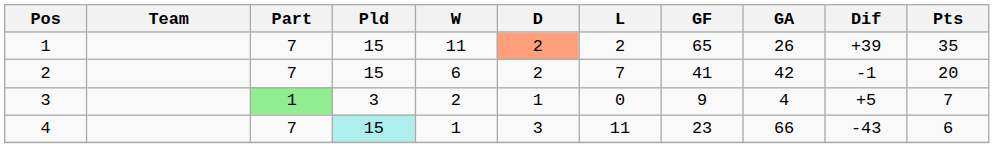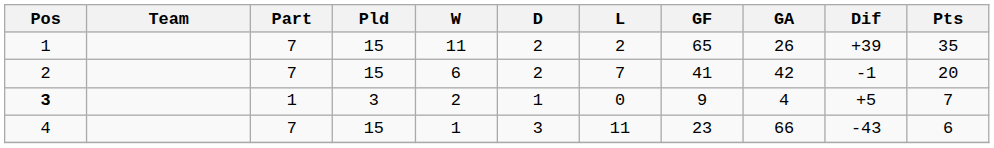 <table class="wikitable sortable" width=60% style="text-align:center">
 <tr>
 <th width=5%>Pos</th>
 <th width=10%>Team</th>
 <th width=5%>Part</th>
 <th width=5%>Pld</th>
 <th width=5%>W</th>
 <th width=5%>D</th>
 <th width=5%>L</th>
 <th width=5%>GF</th>
 <th width=5%>GA</th>
 <th width=5%>Dif</th>
 <th width=5%>Pts</th>
 </tr>
 <tr>
 <td>1</td>
 <td style="text-align:left;"></td>
 <td>7</td>
 <td>15</td>
 <td>11</td>
-<td style="background: lightsalmon;">2</td>
+<td>2</td>
 <td>2</td>
 <td>65</td>
 <td>26</td>
 <td>+39</td>
 <td>35</td>
 </tr>
 <tr>
 <td>2</td>
 <td style="text-align:left;"></td>
 <td>7</td>
 <td>15</td>
 <td>6</td>
 <td>2</td>
 <td>7</td>
 <td>41</td>
 <td>42</td>
 <td>-1</td>
 <td>20</td>
 </tr>
 <tr>
-<td>3</td>
+<td><strong>3</strong></td>
 <td style="text-align:left;"></td>
-<td style="background: lightgreen;">1</td>
+<td>1</td>
 <td>3</td>
 <td>2</td>
 <td>1</td>
 <td>0</td>
 <td>9</td>
 <td>4</td>
 <td>+5</td>
 <td>7</td>
 </tr>
 <tr>
 <td>4</td>
 <td style="text-align:left;"></td>
 <td>7</td>
-<td style="background: paleturquoise;">15</td>
+<td>15</td>
 <td>1</td>
 <td>3</td>
 <td>11</td>
 <td>23</td>
 <td>66</td>
 <td>-43</td>
 <td>6</td>
 </tr>
 <tr>
 </tr>
 </table>
